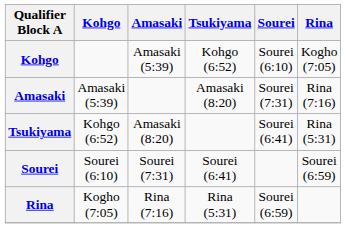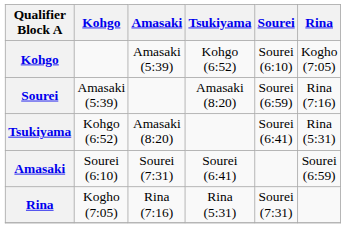 <table class="wikitable" style="text-align:center; margin: 1em auto 1em auto;" width="25%">
 <tr>
 <th>Qualifier Block A</th>
 <th><a href='#'>Kohgo</a></th>
 <th><a href='#'>Amasaki</a></th>
 <th><a href='#'>Tsukiyama</a></th>
 <th><a href='#'>Sourei</a></th>
 <th><a href='#'>Rina</a></th>
 </tr>
 <tr>
 <th><a href='#'>Kohgo</a></th>
 <td></td>
 <td>Amasaki<br>(5:39)</td>
 <td>Kohgo<br>(6:52)</td>
 <td>Sourei<br>(6:10)</td>
 <td>Kogho<br>(7:05)</td>
 </tr>
 <tr>
-<th><a href='#'>Amasaki</a></th>
+<th><a href='#'>Sourei</a></th>
 <td>Amasaki<br>(5:39)</td>
 <td></td>
 <td>Amasaki<br>(8:20)</td>
-<td>Sourei<br>(7:31)</td>
+<td>Sourei<br>(6:59)</td>
 <td>Rina<br>(7:16)</td>
 </tr>
 <tr>
 <th><a href='#'>Tsukiyama</a></th>
 <td>Kohgo<br>(6:52)</td>
 <td>Amasaki<br>(8:20)</td>
 <td></td>
 <td>Sourei<br>(6:41)</td>
 <td>Rina<br>(5:31)</td>
 </tr>
 <tr>
-<th><a href='#'>Sourei</a></th>
+<th><a href='#'>Amasaki</a></th>
 <td>Sourei<br>(6:10)</td>
 <td>Sourei<br>(7:31)</td>
 <td>Sourei<br>(6:41)</td>
 <td></td>
 <td>Sourei<br>(6:59)</td>
 </tr>
 <tr>
 <th><a href='#'>Rina</a></th>
 <td>Kogho<br>(7:05)</td>
 <td>Rina<br>(7:16)</td>
 <td>Rina<br>(5:31)</td>
-<td>Sourei<br>(6:59)</td>
+<td>Sourei<br>(7:31)</td>
 <td></td>
 </tr>
 <tr>
 </tr>
 </table>
